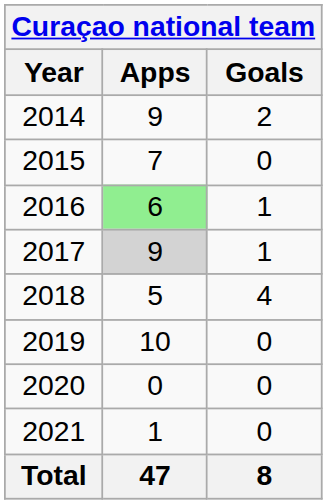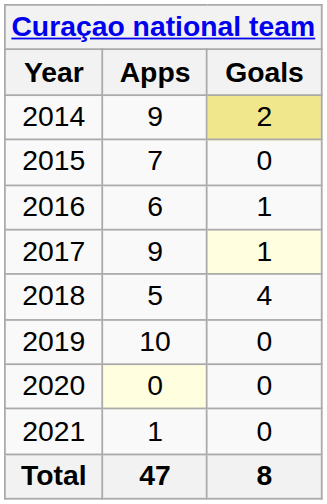 <table class="wikitable" style="text-align:center">
 <tr>
 <th colspan=3><a href='#'>Curaçao national team</a></th>
 </tr>
 <tr>
 <th>Year</th>
 <th>Apps</th>
 <th>Goals</th>
 </tr>
 <tr>
 <td>2014</td>
 <td>9</td>
-<td>2</td>
+<td style="background: khaki;">2</td>
 </tr>
 <tr>
 <td>2015</td>
 <td>7</td>
 <td>0</td>
 </tr>
 <tr>
 <td>2016</td>
-<td style="background: lightgreen;">6</td>
+<td>6</td>
 <td>1</td>
 </tr>
 <tr>
 <td>2017</td>
-<td style="background: lightgrey;">9</td>
-<td>1</td>
+<td>9</td>
+<td style="background: lightyellow;">1</td>
 </tr>
 <tr>
 <td>2018</td>
 <td>5</td>
 <td>4</td>
 </tr>
 <tr>
 <td>2019</td>
 <td>10</td>
 <td>0</td>
 </tr>
 <tr>
 <td>2020</td>
-<td>0</td>
+<td style="background: lightyellow;">0</td>
 <td>0</td>
 </tr>
 <tr>
 <td>2021</td>
 <td>1</td>
 <td>0</td>
 </tr>
 <tr>
 <th>Total</th>
 <th>47</th>
 <th>8</th>
 </tr>
 </table>
